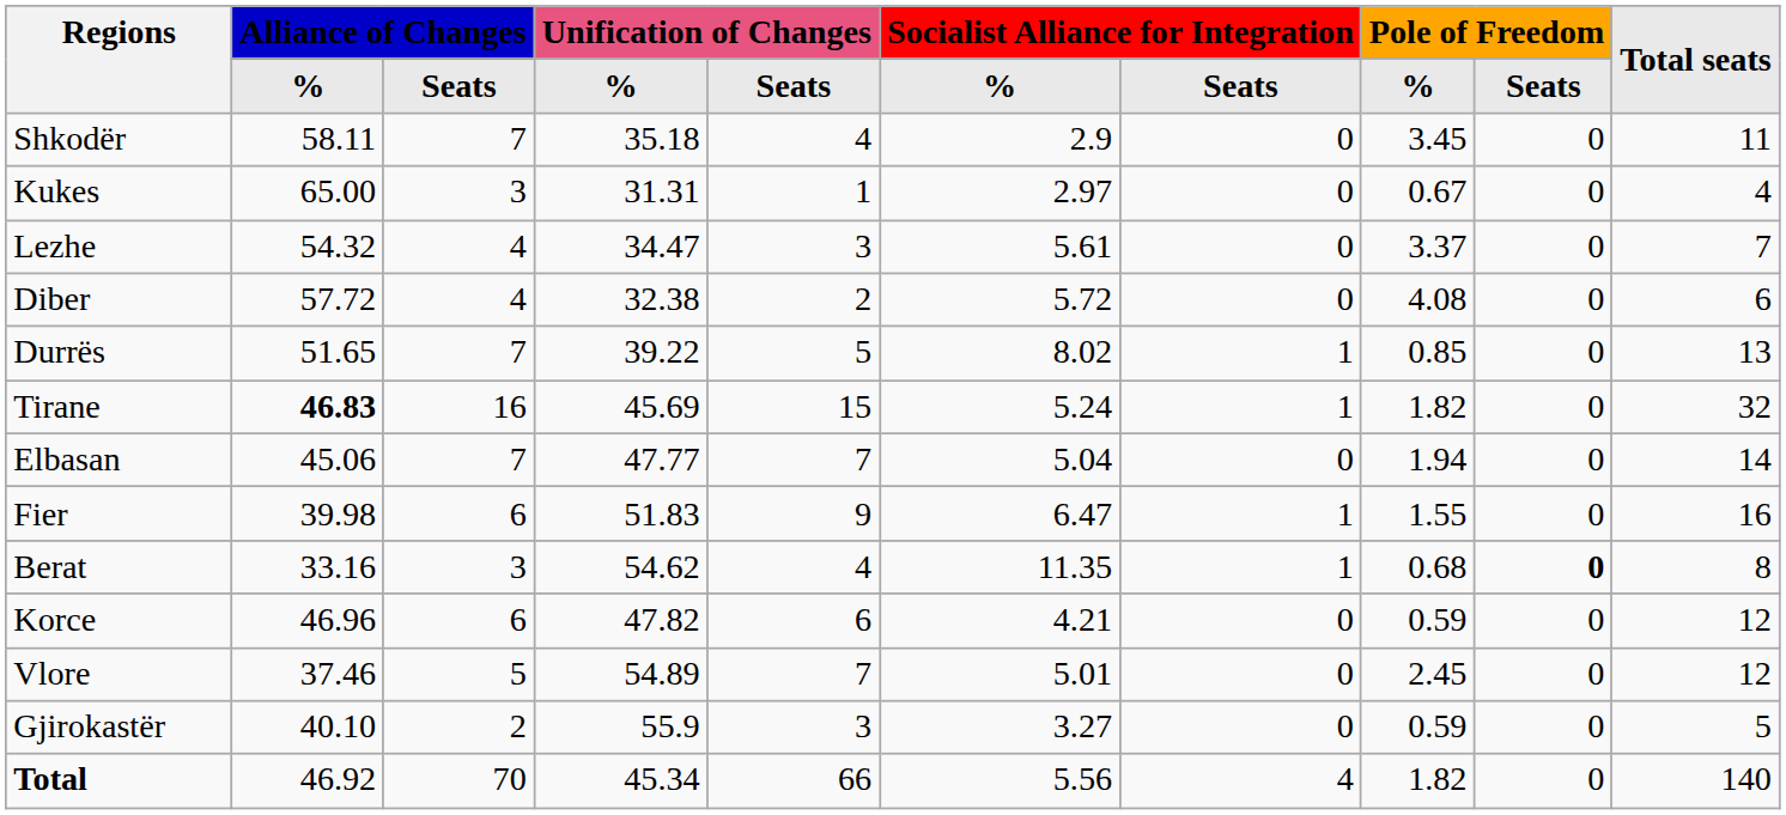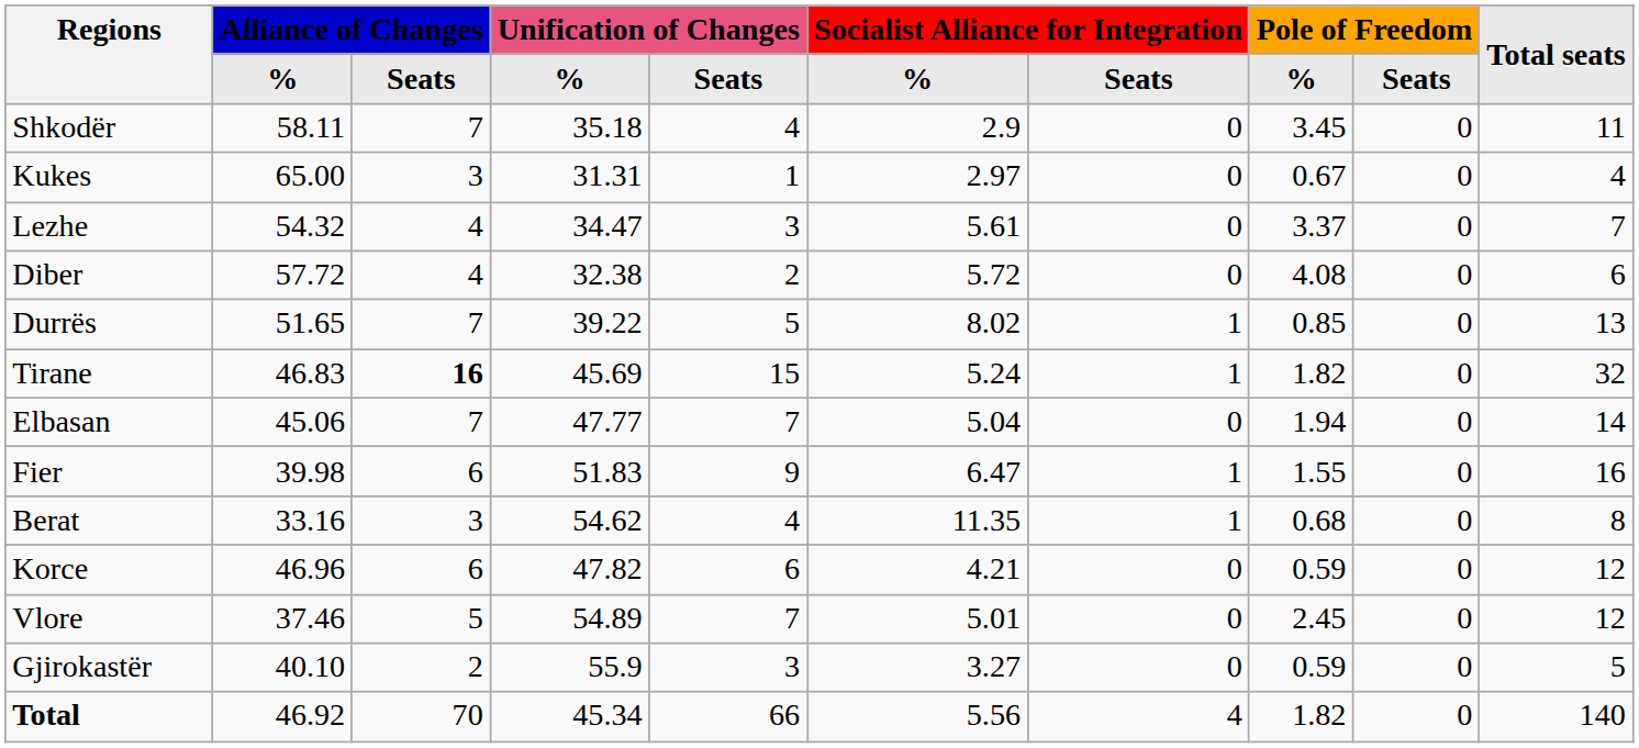 <table class="wikitable sortable" style="text-align:center">
 <tr>
 <th style="background-color:sky-blue" align=left rowspan=2 width=100 valign=top>Regions</th>
 <th style="background-color:#0000C8" align=center colspan=2>Alliance of Changes</th>
 <th style="background-color:#E75480" align=center colspan=2>Unification of Changes</th>
 <th style="background-color:#FF0000" align=center colspan=2>Socialist Alliance for Integration</th>
 <th style="background-color:orange"  align=center colspan=2>Pole of Freedom</th>
 <th style="background-color:#E9E9E9" rowspan=2>Total seats</th>
 </tr>
 <tr>
 <th style="background-color:#E9E9E9" align=right>%</th>
 <th style="background-color:#E9E9E9" align=right>Seats</th>
 <th style="background-color:#E9E9E9" align=right>%</th>
 <th style="background-color:#E9E9E9" align=right>Seats</th>
 <th style="background-color:#E9E9E9" align=right>%</th>
 <th style="background-color:#E9E9E9" align=right>Seats</th>
 <th style="background-color:#E9E9E9" align=right>%</th>
 <th style="background-color:#E9E9E9" align=right>Seats</th>
 </tr>
 <tr>
 <td align=left>Shkodër</td>
 <td align="right">58.11</td>
 <td align="right">7</td>
 <td align="right">35.18</td>
 <td align="right">4</td>
 <td align="right">2.9</td>
 <td align="right">0</td>
 <td align="right">3.45</td>
 <td align="right">0</td>
 <td align="right">11</td>
 </tr>
 <tr>
 <td align=left>Kukes</td>
 <td align="right">65.00</td>
 <td align="right">3</td>
 <td align="right">31.31</td>
 <td align="right">1</td>
 <td align="right">2.97</td>
 <td align="right">0</td>
 <td align="right">0.67</td>
 <td align="right">0</td>
 <td align="right">4</td>
 </tr>
 <tr>
 <td align=left>Lezhe</td>
 <td align="right">54.32</td>
 <td align="right">4</td>
 <td align="right">34.47</td>
 <td align="right">3</td>
 <td align="right">5.61</td>
 <td align="right">0</td>
 <td align="right">3.37</td>
 <td align="right">0</td>
 <td align="right">7</td>
 </tr>
 <tr>
 <td align=left>Diber</td>
 <td align="right">57.72</td>
 <td align="right">4</td>
 <td align="right">32.38</td>
 <td align="right">2</td>
 <td align="right">5.72</td>
 <td align="right">0</td>
 <td align="right">4.08</td>
 <td align="right">0</td>
 <td align="right">6</td>
 </tr>
 <tr>
 <td align=left>Durrës</td>
 <td align="right">51.65</td>
 <td align="right">7</td>
 <td align="right">39.22</td>
 <td align="right">5</td>
 <td align="right">8.02</td>
 <td align="right">1</td>
 <td align="right">0.85</td>
 <td align="right">0</td>
 <td align="right">13</td>
 </tr>
 <tr>
 <td align=left>Tirane</td>
-<td align="right"><strong>46.83</strong></td>
-<td align="right">16</td>
+<td align="right">46.83</td>
+<td align="right"><strong>16</strong></td>
 <td align="right">45.69</td>
 <td align="right">15</td>
 <td align="right">5.24</td>
 <td align="right">1</td>
 <td align="right">1.82</td>
 <td align="right">0</td>
 <td align="right">32</td>
 </tr>
 <tr>
 <td align=left>Elbasan</td>
 <td align="right">45.06</td>
 <td align="right">7</td>
 <td align="right">47.77</td>
 <td align="right">7</td>
 <td align="right">5.04</td>
 <td align="right">0</td>
 <td align="right">1.94</td>
 <td align="right">0</td>
 <td align="right">14</td>
 </tr>
 <tr>
 <td align=left>Fier</td>
 <td align="right">39.98</td>
 <td align="right">6</td>
 <td align="right">51.83</td>
 <td align="right">9</td>
 <td align="right">6.47</td>
 <td align="right">1</td>
 <td align="right">1.55</td>
 <td align="right">0</td>
 <td align="right">16</td>
 </tr>
 <tr>
 <td align=left>Berat</td>
 <td align="right">33.16</td>
 <td align="right">3</td>
 <td align="right">54.62</td>
 <td align="right">4</td>
 <td align="right">11.35</td>
 <td align="right">1</td>
 <td align="right">0.68</td>
-<td align="right"><strong>0</strong></td>
+<td align="right">0</td>
 <td align="right">8</td>
 </tr>
 <tr>
 <td align=left>Korce</td>
 <td align="right">46.96</td>
 <td align="right">6</td>
 <td align="right">47.82</td>
 <td align="right">6</td>
 <td align="right">4.21</td>
 <td align="right">0</td>
 <td align="right">0.59</td>
 <td align="right">0</td>
 <td align="right">12</td>
 </tr>
 <tr>
 <td align=left>Vlore</td>
 <td align="right">37.46</td>
 <td align="right">5</td>
 <td align="right">54.89</td>
 <td align="right">7</td>
 <td align="right">5.01</td>
 <td align="right">0</td>
 <td align="right">2.45</td>
 <td align="right">0</td>
 <td align="right">12</td>
 </tr>
 <tr>
 <td align=left>Gjirokastër</td>
 <td align="right">40.10</td>
 <td align="right">2</td>
 <td align="right">55.9</td>
 <td align="right">3</td>
 <td align="right">3.27</td>
 <td align="right">0</td>
 <td align="right">0.59</td>
 <td align="right">0</td>
 <td align="right">5</td>
 </tr>
 <tr>
 <td align=left><strong>Total</strong></td>
 <td align="right">46.92</td>
 <td align="right">70</td>
 <td align="right">45.34</td>
 <td align="right">66</td>
 <td align="right">5.56</td>
 <td align="right">4</td>
 <td align="right">1.82</td>
 <td align="right">0</td>
 <td align="right">140</td>
 </tr>
 </table>
